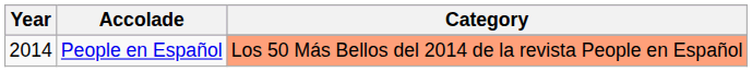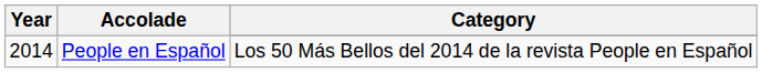 <table class="wikitable plainrowheaders" style="text-align:center">
 <tr style="background:#96c;">
 <th scope="col">Year</th>
 <th scope="col">Accolade</th>
 <th scope="col">Category</th>
 </tr>
 <tr>
 <td scope="row" rowspan="4">2014</td>
 <td rowspan="8"><a href='#'>People en Español</a></td>
 </tr>
 <tr>
-<td scope="row" style="background: lightsalmon;">Los 50 Más Bellos del 2014 de la revista People en Español</td>
+<td scope="row">Los 50 Más Bellos del 2014 de la revista People en Español</td>
 </tr>
 </table>
